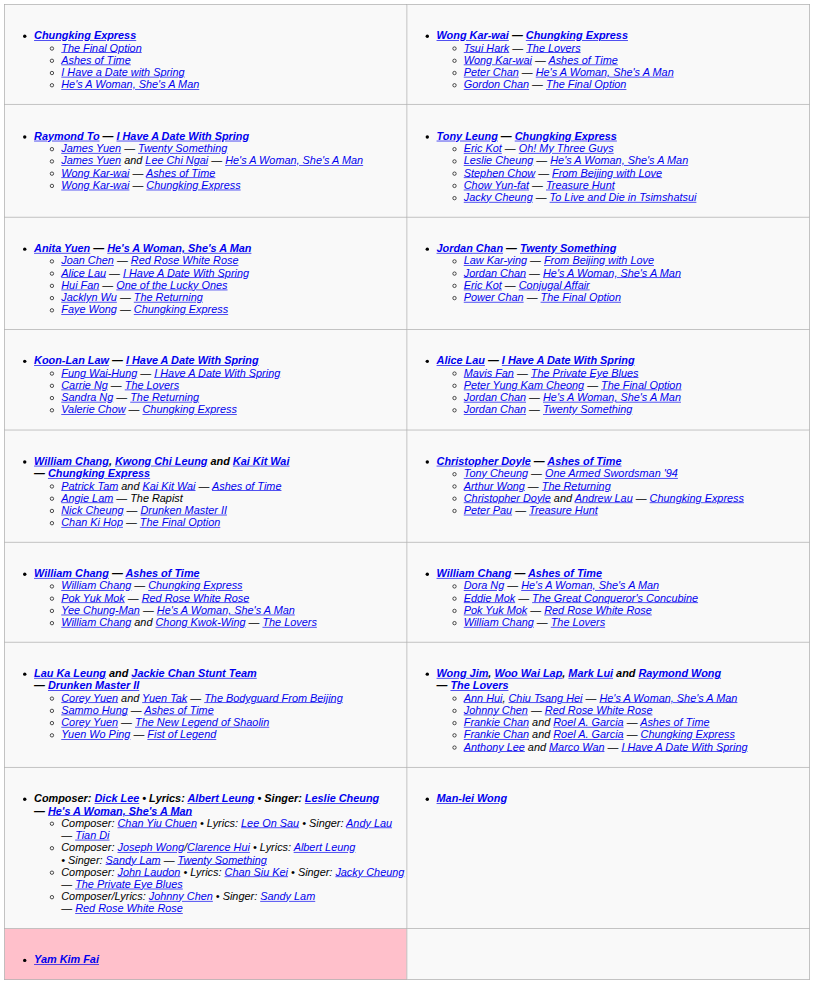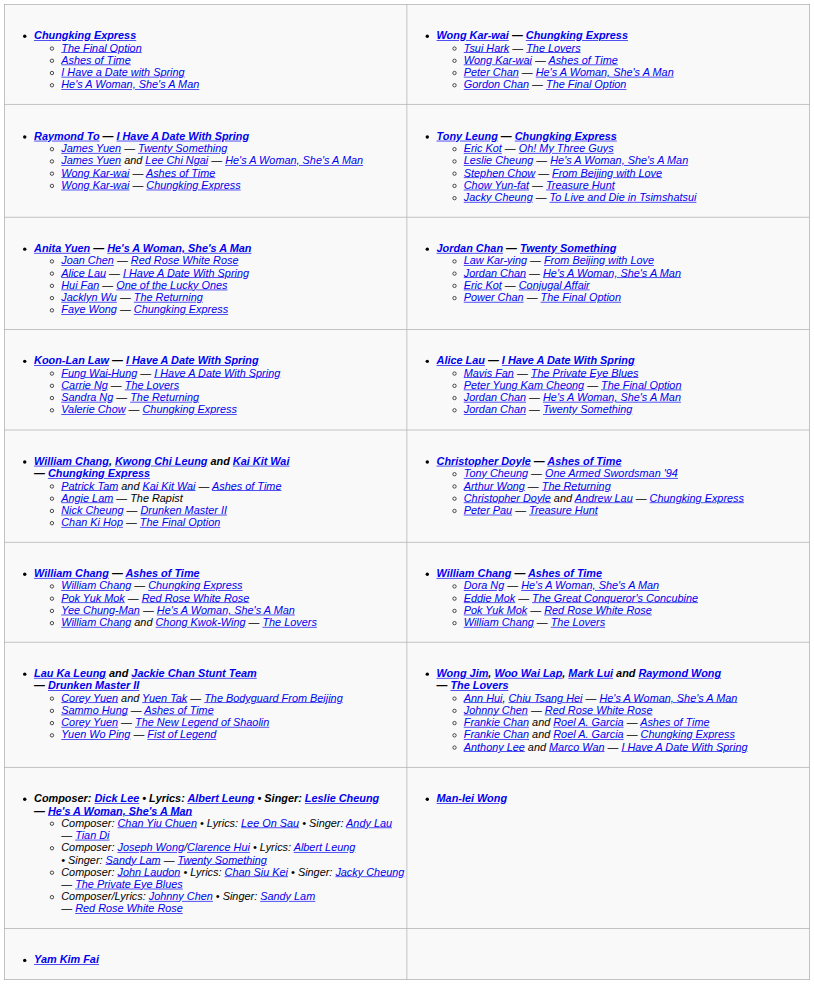 <table class=wikitable>
 <tr>
 <td valign="top" width="50%"><br><ul><li><strong><em><a href='#'>Chungking Express</a></em></strong><ul><li><em><a href='#'>The Final Option</a></em></li><li><em><a href='#'>Ashes of Time</a></em></li><li><em><a href='#'>I Have a Date with Spring</a></em></li><li><em><a href='#'>He's A Woman, She's A Man</a></em></li></ul></li></ul></td>
 <td valign="top" width="50%"><br><ul><li><strong><em><a href='#'>Wong Kar-wai</a> — <a href='#'>Chungking Express</a></em></strong><ul><li><em><a href='#'>Tsui Hark</a> — <a href='#'>The Lovers</a></em></li><li><em><a href='#'>Wong Kar-wai</a> — <a href='#'>Ashes of Time</a></em></li><li><em><a href='#'>Peter Chan</a> — <a href='#'>He's A Woman, She's A Man</a></em></li><li><em><a href='#'>Gordon Chan</a> — <a href='#'>The Final Option</a></em></li></ul></li></ul></td>
 </tr>
 <tr>
 <td valign="top" width="50%"><br><ul><li><strong><em><a href='#'>Raymond To</a> — <a href='#'>I Have A Date With Spring</a></em></strong><ul><li><em><a href='#'>James Yuen</a> — <a href='#'>Twenty Something</a></em></li><li><em><a href='#'>James Yuen</a> and <a href='#'>Lee Chi Ngai</a> — <a href='#'>He's A Woman, She's A Man</a></em></li><li><em><a href='#'>Wong Kar-wai</a> — <a href='#'>Ashes of Time</a></em></li><li><em><a href='#'>Wong Kar-wai</a> — <a href='#'>Chungking Express</a></em></li></ul></li></ul></td>
 <td valign="top" width="50%"><br><ul><li><strong><em><a href='#'>Tony Leung</a> — <a href='#'>Chungking Express</a></em></strong><ul><li><em><a href='#'>Eric Kot</a> — <a href='#'>Oh! My Three Guys</a></em></li><li><em><a href='#'>Leslie Cheung</a> — <a href='#'>He's A Woman, She's A Man</a></em></li><li><em><a href='#'>Stephen Chow</a> — <a href='#'>From Beijing with Love</a></em></li><li><em><a href='#'>Chow Yun-fat</a> — <a href='#'>Treasure Hunt</a></em></li><li><em><a href='#'>Jacky Cheung</a> — <a href='#'>To Live and Die in Tsimshatsui</a></em></li></ul></li></ul></td>
 </tr>
 <tr>
 <td valign="top" width="50%"><br><ul><li><strong><em><a href='#'>Anita Yuen</a> — <a href='#'>He's A Woman, She's A Man</a></em></strong><ul><li><em><a href='#'>Joan Chen</a> — <a href='#'>Red Rose White Rose</a></em></li><li><em><a href='#'>Alice Lau</a> — <a href='#'>I Have A Date With Spring</a></em></li><li><em><a href='#'>Hui Fan</a> — <a href='#'>One of the Lucky Ones</a></em></li><li><em><a href='#'>Jacklyn Wu</a> — <a href='#'>The Returning</a></em></li><li><em><a href='#'>Faye Wong</a> — <a href='#'>Chungking Express</a></em></li></ul></li></ul></td>
 <td valign="top" width="50%"><br><ul><li><strong><em><a href='#'>Jordan Chan</a> — <a href='#'>Twenty Something</a></em></strong><ul><li><em><a href='#'>Law Kar-ying</a> — <a href='#'>From Beijing with Love</a></em></li><li><em><a href='#'>Jordan Chan</a> — <a href='#'>He's A Woman, She's A Man</a></em></li><li><em><a href='#'>Eric Kot</a> — <a href='#'>Conjugal Affair</a></em></li><li><em><a href='#'>Power Chan</a> — <a href='#'>The Final Option</a></em></li></ul></li></ul></td>
 </tr>
 <tr>
 <td valign="top" width="50%"><br><ul><li><strong><em><a href='#'>Koon-Lan Law</a> — <a href='#'>I Have A Date With Spring</a></em></strong><ul><li><em><a href='#'>Fung Wai-Hung</a> — <a href='#'>I Have A Date With Spring</a></em></li><li><em><a href='#'>Carrie Ng</a> — <a href='#'>The Lovers</a></em></li><li><em><a href='#'>Sandra Ng</a> — <a href='#'>The Returning</a></em></li><li><em><a href='#'>Valerie Chow</a> — <a href='#'>Chungking Express</a></em></li></ul></li></ul></td>
 <td valign="top" width="50%"><br><ul><li><strong><em><a href='#'>Alice Lau</a> — <a href='#'>I Have A Date With Spring</a></em></strong><ul><li><em><a href='#'>Mavis Fan</a> — <a href='#'>The Private Eye Blues</a></em></li><li><em><a href='#'>Peter Yung Kam Cheong</a> — <a href='#'>The Final Option</a></em></li><li><em><a href='#'>Jordan Chan</a> — <a href='#'>He's A Woman, She's A Man</a></em></li><li><em><a href='#'>Jordan Chan</a> — <a href='#'>Twenty Something</a></em></li></ul></li></ul></td>
 </tr>
 <tr>
 <td valign="top" width="50%"><br><ul><li><strong><em><a href='#'>William Chang</a>, <a href='#'>Kwong Chi Leung</a> and <a href='#'>Kai Kit Wai</a><br> — <a href='#'>Chungking Express</a></em></strong><ul><li><em><a href='#'>Patrick Tam</a> and <a href='#'>Kai Kit Wai</a> — <a href='#'>Ashes of Time</a></em></li><li><em><a href='#'>Angie Lam</a> — The Rapist</em></li><li><em><a href='#'>Nick Cheung</a> — <a href='#'>Drunken Master II</a></em></li><li><em><a href='#'>Chan Ki Hop</a> — <a href='#'>The Final Option</a></em></li></ul></li></ul></td>
 <td valign="top" width="50%"><br><ul><li><strong><em><a href='#'>Christopher Doyle</a> — <a href='#'>Ashes of Time</a></em></strong><ul><li><em><a href='#'>Tony Cheung</a> — <a href='#'>One Armed Swordsman '94</a></em></li><li><em><a href='#'>Arthur Wong</a> — <a href='#'>The Returning</a></em></li><li><em><a href='#'>Christopher Doyle</a> and <a href='#'>Andrew Lau</a> — <a href='#'>Chungking Express</a></em></li><li><em><a href='#'>Peter Pau</a> — <a href='#'>Treasure Hunt</a></em></li></ul></li></ul></td>
 </tr>
 <tr>
 <td valign="top" width="50%"><br><ul><li><strong><em><a href='#'>William Chang</a> — <a href='#'>Ashes of Time</a></em></strong><ul><li><em><a href='#'>William Chang</a> — <a href='#'>Chungking Express</a></em></li><li><em><a href='#'>Pok Yuk Mok</a> — <a href='#'>Red Rose White Rose</a></em></li><li><em><a href='#'>Yee Chung-Man</a> — <a href='#'>He's A Woman, She's A Man</a></em></li><li><em><a href='#'>William Chang</a> and <a href='#'>Chong Kwok-Wing</a> — <a href='#'>The Lovers</a></em></li></ul></li></ul></td>
 <td valign="top" width="50%"><br><ul><li><strong><em><a href='#'>William Chang</a> — <a href='#'>Ashes of Time</a></em></strong><ul><li><em><a href='#'>Dora Ng</a> — <a href='#'>He's A Woman, She's A Man</a></em></li><li><em><a href='#'>Eddie Mok</a> — <a href='#'>The Great Conqueror's Concubine</a></em></li><li><em><a href='#'>Pok Yuk Mok</a> — <a href='#'>Red Rose White Rose</a></em></li><li><em><a href='#'>William Chang</a> — <a href='#'>The Lovers</a></em></li></ul></li></ul></td>
 </tr>
 <tr>
 <td valign="top" width="50%"><br><ul><li><strong><em><a href='#'>Lau Ka Leung</a> and <a href='#'>Jackie Chan Stunt Team</a> <br>— <a href='#'>Drunken Master II</a></em></strong><ul><li><em><a href='#'>Corey Yuen</a> and <a href='#'>Yuen Tak</a> — <a href='#'>The Bodyguard From Beijing</a></em></li><li><em><a href='#'>Sammo Hung</a> — <a href='#'>Ashes of Time</a></em></li><li><em><a href='#'>Corey Yuen</a> — <a href='#'>The New Legend of Shaolin</a></em></li><li><em><a href='#'>Yuen Wo Ping</a> — <a href='#'>Fist of Legend</a></em></li></ul></li></ul></td>
 <td valign="top" width="50%"><br><ul><li><strong><em><a href='#'>Wong Jim</a>, <a href='#'>Woo Wai Lap</a>, <a href='#'>Mark Lui</a> and <a href='#'>Raymond Wong</a> <br>— <a href='#'>The Lovers</a></em></strong><ul><li><em><a href='#'>Ann Hui</a>, <a href='#'>Chiu Tsang Hei</a> — <a href='#'>He's A Woman, She's A Man</a></em></li><li><em><a href='#'>Johnny Chen</a> — <a href='#'>Red Rose White Rose</a></em></li><li><em><a href='#'>Frankie Chan</a> and <a href='#'>Roel A. Garcia</a> — <a href='#'>Ashes of Time</a></em></li><li><em><a href='#'>Frankie Chan</a> and <a href='#'>Roel A. Garcia</a> — <a href='#'>Chungking Express</a></em></li><li><em><a href='#'>Anthony Lee</a> and <a href='#'>Marco Wan</a> — <a href='#'>I Have A Date With Spring</a></em></li></ul></li></ul></td>
 </tr>
 <tr>
 <td valign="top" width="50%"><br><ul><li><strong><em>Composer: <a href='#'>Dick Lee</a> • Lyrics: <a href='#'>Albert Leung</a> • Singer: <a href='#'>Leslie Cheung</a> <br>—  <a href='#'>He's A Woman, She's A Man</a></em></strong><ul><li><em>Composer: <a href='#'>Chan Yiu Chuen</a> • Lyrics: <a href='#'>Lee On Sau</a> • Singer: <a href='#'>Andy Lau</a>  <br>—  <a href='#'>Tian Di</a></em></li><li><em>Composer: <a href='#'>Joseph Wong</a>/<a href='#'>Clarence Hui</a> • Lyrics: <a href='#'>Albert Leung</a> <br> • Singer: <a href='#'>Sandy Lam</a> —  <a href='#'>Twenty Something</a></em></li><li><em>Composer: <a href='#'>John Laudon</a> • Lyrics: <a href='#'>Chan Siu Kei</a> • Singer: <a href='#'>Jacky Cheung</a> <br> —  <a href='#'>The Private Eye Blues</a></em></li><li><em>Composer/Lyrics: <a href='#'>Johnny Chen</a> • Singer: <a href='#'>Sandy Lam</a>  <br>—  <a href='#'>Red Rose White Rose</a></em></li></ul></li></ul></td>
 <td valign="top" width="50%"><br><ul><li><strong><em><a href='#'>Man-lei Wong</a></em></strong></li></ul></td>
 </tr>
 <tr>
-<td valign="top" width="50%" style="background: pink;"><br><ul><li><strong><em><a href='#'>Yam Kim Fai</a></em></strong></li></ul></td>
+<td valign="top" width="50%"><br><ul><li><strong><em><a href='#'>Yam Kim Fai</a></em></strong></li></ul></td>
 </tr>
 </table>
